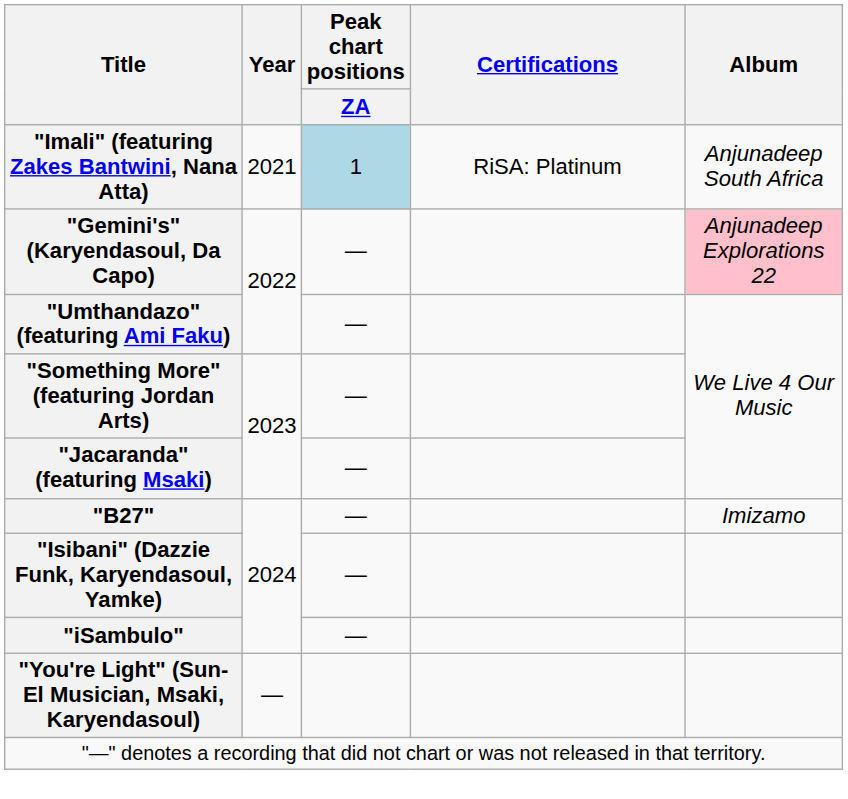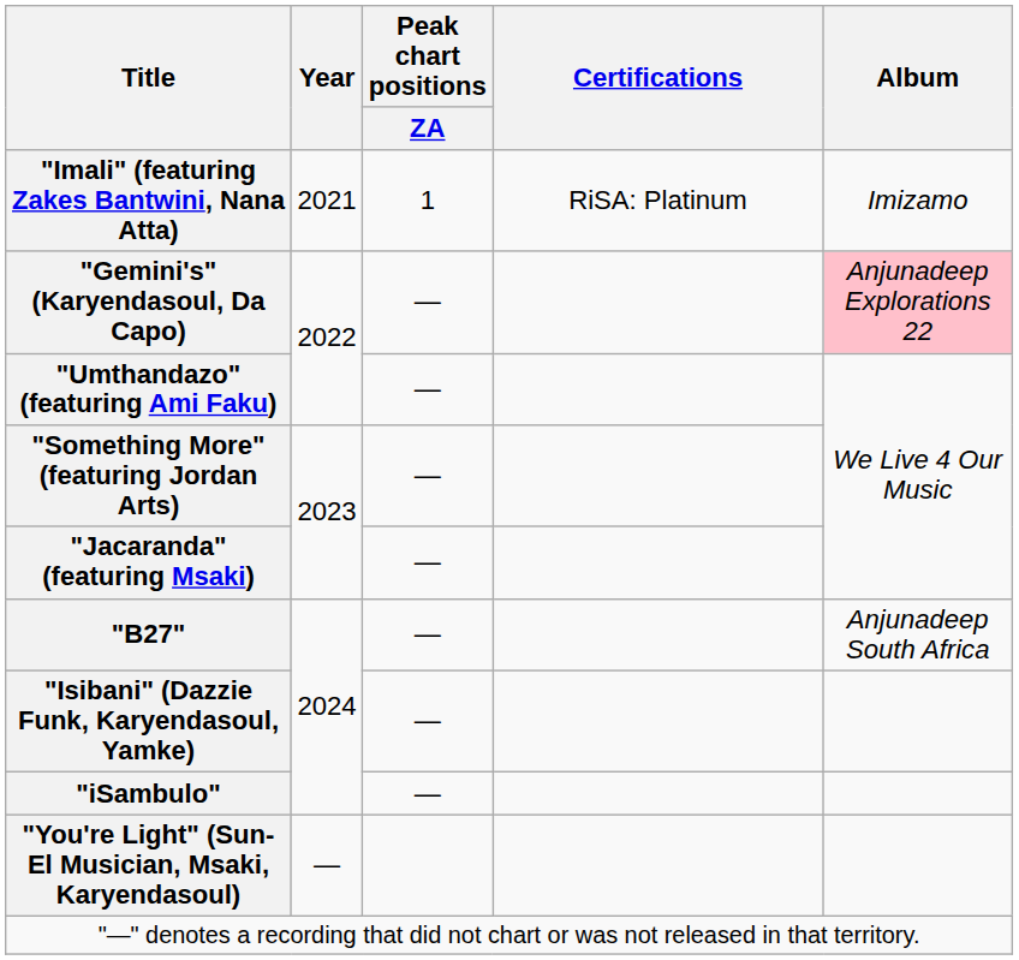 <table class="wikitable plainrowheaders" style="text-align:center;">
 <tr>
 <th scope="col" rowspan="2">Title</th>
 <th scope="col" rowspan="2">Year</th>
 <th scope="col" colspan="1">Peak chart positions</th>
 <th scope="col" rowspan="2" style="width:12em;"><a href='#'>Certifications</a></th>
 <th scope="col" rowspan="2">Album</th>
 </tr>
 <tr>
 <th scope="col" style="width:3em;font-size:100%;"><a href='#'>ZA</a><br></th>
 </tr>
 <tr>
 <th scope="row">"Imali" (featuring <a href='#'>Zakes Bantwini</a>, Nana Atta)</th>
 <td>2021</td>
-<td style="background: lightblue;">1</td>
+<td>1</td>
 <td>RiSA: Platinum</td>
-<td><em>Anjunadeep South Africa</em></td>
+<td><em>Imizamo</em></td>
 </tr>
 <tr>
 <th scope="row">"Gemini's" (Karyendasoul, Da Capo)</th>
 <td rowspan=2>2022</td>
 <td>—</td>
 <td></td>
 <td style="background: pink;"><em>Anjunadeep Explorations 22</em></td>
 </tr>
 <tr>
 <th scope="row">"Umthandazo" (featuring <a href='#'>Ami Faku</a>)</th>
 <td>—</td>
 <td></td>
 <td rowspan=3><em>We Live 4 Our Music</em></td>
 </tr>
 <tr>
 <th scope="row">"Something More" (featuring Jordan Arts)</th>
 <td rowspan=2>2023</td>
 <td>—</td>
 <td></td>
 </tr>
 <tr>
 <th scope="row">"Jacaranda" (featuring <a href='#'>Msaki</a>)</th>
 <td>—</td>
 <td></td>
 </tr>
 <tr>
 <th scope="row">"B27"</th>
 <td rowspan=3>2024</td>
 <td>—</td>
 <td></td>
-<td><em>Imizamo</em></td>
+<td><em>Anjunadeep South Africa</em></td>
 </tr>
 <tr>
 <th scope="row">"Isibani" (Dazzie Funk, Karyendasoul, Yamke)</th>
 <td>—</td>
 <td></td>
 <td></td>
 </tr>
 <tr>
 <th scope="row">"iSambulo"</th>
 <td>—</td>
 <td></td>
 <td></td>
 </tr>
 <tr>
 <th scope="row">"You're Light" (Sun-El Musician, Msaki, Karyendasoul)</th>
 <td>—</td>
 <td></td>
 <td></td>
 </tr>
 <tr>
 <td colspan="8" style="font-size:90%">"—" denotes a recording that did not chart or was not released in that territory.</td>
 </tr>
 </table>
